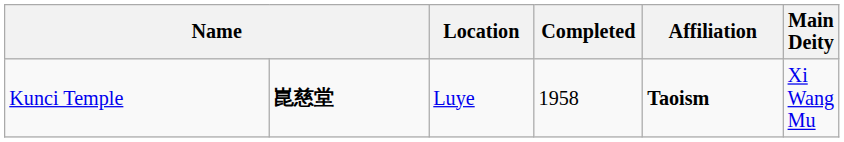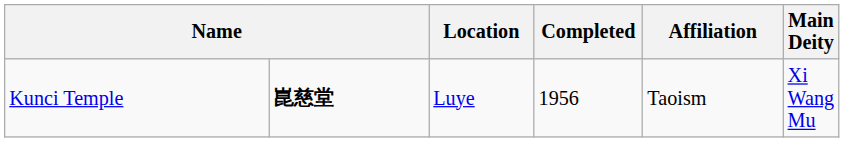 <table class="wikitable sortable" style="width:75%">
 <tr>
 <th colspan="2" scope="col">Name</th>
 <th scope="col" style="width:5em">Location</th>
 <th scope="col" style="width:5em">Completed</th>
 <th scope="col" style="width:7em">Affiliation</th>
 <th scope="col">Main Deity</th>
 </tr>
 <tr>
 <td style="width:15em"><a href='#'>Kunci Temple</a></td>
 <td style="width:9em"><strong>崑慈堂</strong></td>
 <td><a href='#'>Luye</a></td>
-<td>1958</td>
-<td><strong>Taoism</strong></td>
+<td>1956</td>
+<td>Taoism</td>
 <td><a href='#'>Xi Wang Mu</a></td>
 </tr>
 </table>
